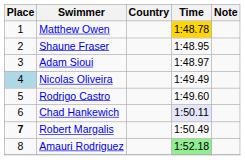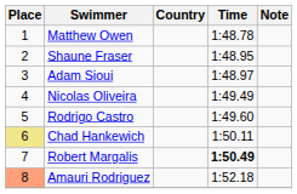 <table class="wikitable" style="text-align:center">
 <tr>
 <th>Place</th>
 <th>Swimmer</th>
 <th>Country</th>
 <th>Time</th>
 <th>Note</th>
 </tr>
 <tr>
 <td>1</td>
 <td align=left><a href='#'>Matthew Owen</a></td>
 <td align=left></td>
-<td style="background: gold;">1:48.78</td>
+<td>1:48.78</td>
 <td></td>
 </tr>
 <tr>
 <td>2</td>
 <td align=left><a href='#'>Shaune Fraser</a></td>
 <td align=left></td>
 <td>1:48.95</td>
 <td></td>
 </tr>
 <tr>
 <td>3</td>
 <td align=left><a href='#'>Adam Sioui</a></td>
 <td align=left></td>
 <td>1:48.97</td>
 <td></td>
 </tr>
 <tr>
-<td style="background: lightblue;">4</td>
+<td>4</td>
 <td align=left><a href='#'>Nicolas Oliveira</a></td>
 <td align=left></td>
 <td>1:49.49</td>
 <td></td>
 </tr>
 <tr>
 <td>5</td>
 <td align=left><a href='#'>Rodrigo Castro</a></td>
 <td align=left></td>
 <td>1:49.60</td>
 <td></td>
 </tr>
 <tr>
-<td>6</td>
+<td style="background: khaki;">6</td>
 <td align=left><a href='#'>Chad Hankewich</a></td>
 <td align=left></td>
-<td style="background: lavender;">1:50.11</td>
+<td>1:50.11</td>
 <td></td>
 </tr>
 <tr>
-<td><strong>7</strong></td>
+<td>7</td>
 <td align=left><a href='#'>Robert Margalis</a></td>
 <td align=left></td>
-<td>1:50.49</td>
+<td><strong>1:50.49</strong></td>
 <td></td>
 </tr>
 <tr>
-<td>8</td>
+<td style="background: lightsalmon;">8</td>
 <td align=left><a href='#'>Amauri Rodriguez</a></td>
 <td align=left></td>
-<td style="background: lightgreen;">1:52.18</td>
+<td>1:52.18</td>
 <td></td>
 </tr>
 <tr>
 </tr>
 </table>
